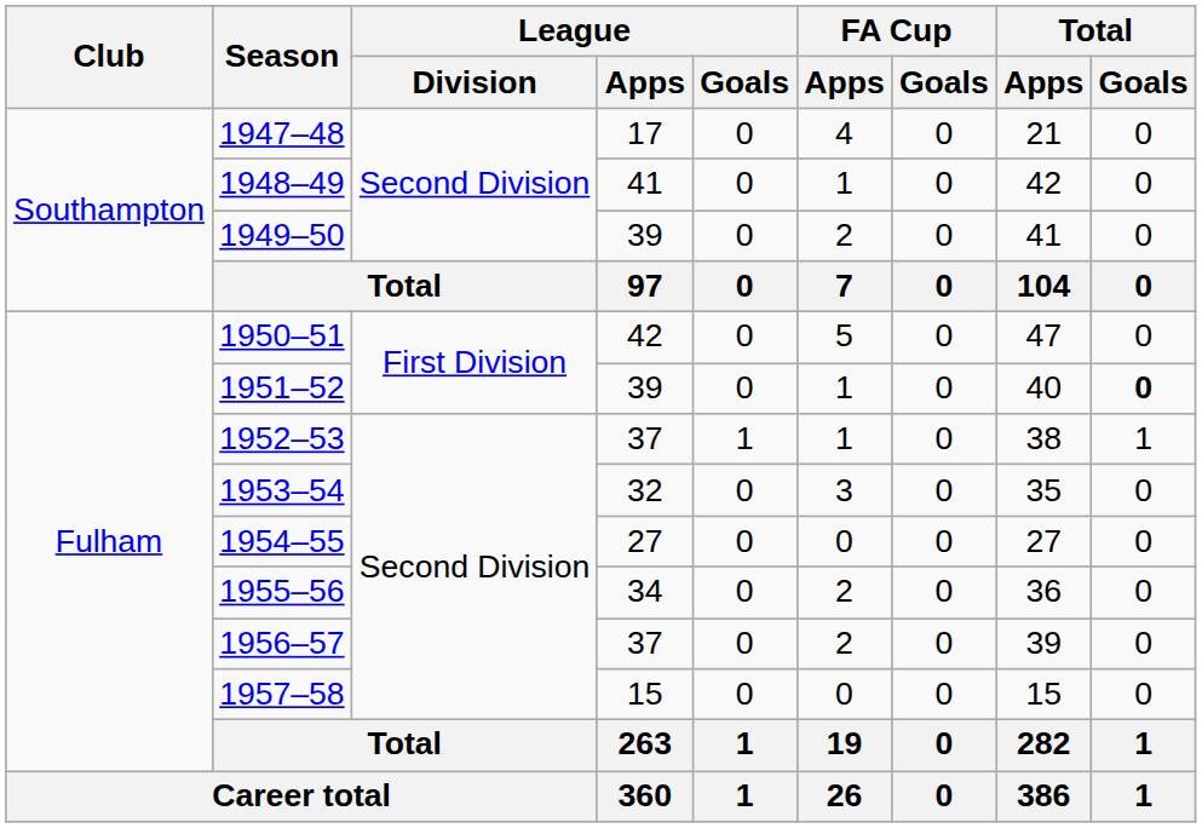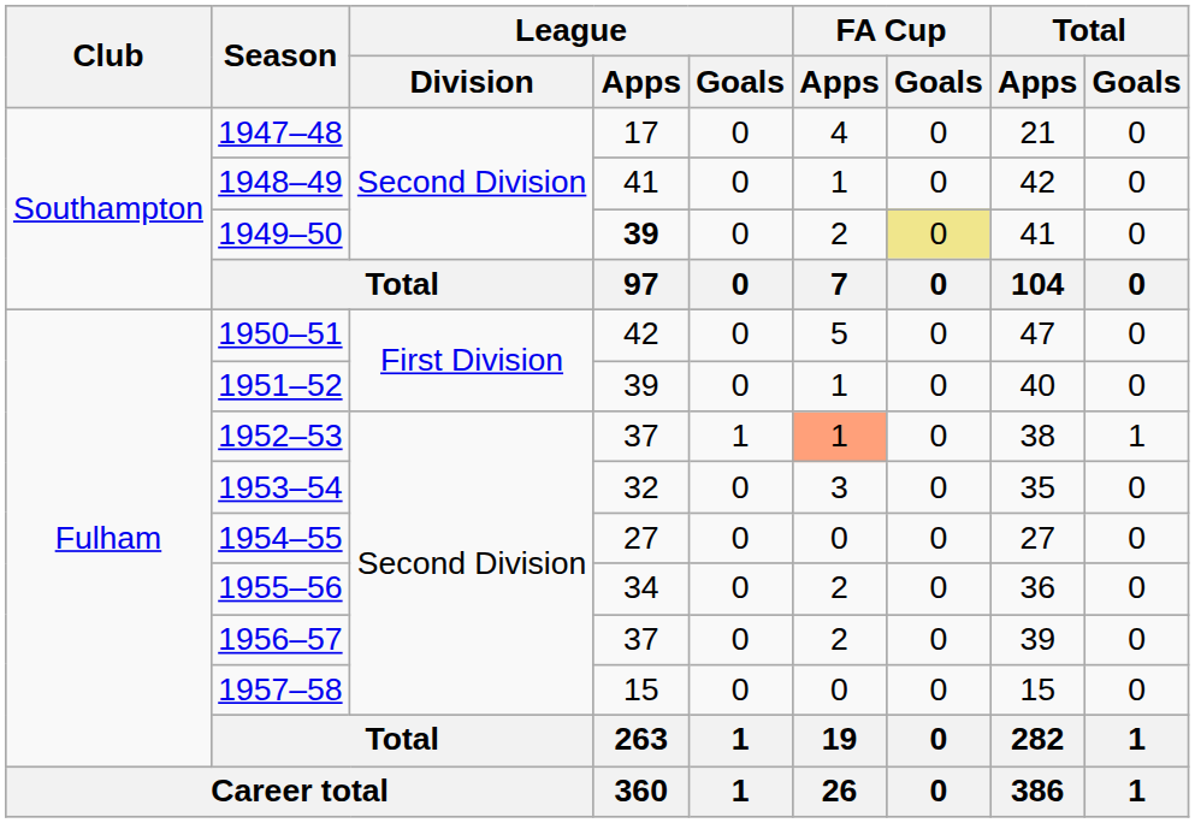 <table class="wikitable" style="text-align: center">
 <tr>
 <th rowspan="2">Club</th>
 <th rowspan="2">Season</th>
 <th colspan="3">League</th>
 <th colspan="2">FA Cup</th>
 <th colspan="2">Total</th>
 </tr>
 <tr>
 <th>Division</th>
 <th>Apps</th>
 <th>Goals</th>
 <th>Apps</th>
 <th>Goals</th>
 <th>Apps</th>
 <th>Goals</th>
 </tr>
 <tr>
 <td rowspan="4"><a href='#'>Southampton</a></td>
 <td><a href='#'>1947–48</a></td>
 <td rowspan="3"><a href='#'>Second Division</a></td>
 <td>17</td>
 <td>0</td>
 <td>4</td>
 <td>0</td>
 <td>21</td>
 <td>0</td>
 </tr>
 <tr>
 <td><a href='#'>1948–49</a></td>
 <td>41</td>
 <td>0</td>
 <td>1</td>
 <td>0</td>
 <td>42</td>
 <td>0</td>
 </tr>
 <tr>
 <td><a href='#'>1949–50</a></td>
-<td>39</td>
+<td><strong>39</strong></td>
 <td>0</td>
 <td>2</td>
-<td>0</td>
+<td style="background: khaki;">0</td>
 <td>41</td>
 <td>0</td>
 </tr>
 <tr>
 <th colspan="2">Total</th>
 <th>97</th>
 <th>0</th>
 <th>7</th>
 <th>0</th>
 <th>104</th>
 <th>0</th>
 </tr>
 <tr>
 <td rowspan="9"><a href='#'>Fulham</a></td>
 <td><a href='#'>1950–51</a></td>
 <td rowspan="2"><a href='#'>First Division</a></td>
 <td>42</td>
 <td>0</td>
 <td>5</td>
 <td>0</td>
 <td>47</td>
 <td>0</td>
 </tr>
 <tr>
 <td><a href='#'>1951–52</a></td>
 <td>39</td>
 <td>0</td>
 <td>1</td>
 <td>0</td>
 <td>40</td>
-<td><strong>0</strong></td>
+<td>0</td>
 </tr>
 <tr>
 <td><a href='#'>1952–53</a></td>
 <td rowspan="6">Second Division</td>
 <td>37</td>
 <td>1</td>
-<td>1</td>
+<td style="background: lightsalmon;">1</td>
 <td>0</td>
 <td>38</td>
 <td>1</td>
 </tr>
 <tr>
 <td><a href='#'>1953–54</a></td>
 <td>32</td>
 <td>0</td>
 <td>3</td>
 <td>0</td>
 <td>35</td>
 <td>0</td>
 </tr>
 <tr>
 <td><a href='#'>1954–55</a></td>
 <td>27</td>
 <td>0</td>
 <td>0</td>
 <td>0</td>
 <td>27</td>
 <td>0</td>
 </tr>
 <tr>
 <td><a href='#'>1955–56</a></td>
 <td>34</td>
 <td>0</td>
 <td>2</td>
 <td>0</td>
 <td>36</td>
 <td>0</td>
 </tr>
 <tr>
 <td><a href='#'>1956–57</a></td>
 <td>37</td>
 <td>0</td>
 <td>2</td>
 <td>0</td>
 <td>39</td>
 <td>0</td>
 </tr>
 <tr>
 <td><a href='#'>1957–58</a></td>
 <td>15</td>
 <td>0</td>
 <td>0</td>
 <td>0</td>
 <td>15</td>
 <td>0</td>
 </tr>
 <tr>
 <th colspan="2">Total</th>
 <th>263</th>
 <th>1</th>
 <th>19</th>
 <th>0</th>
 <th>282</th>
 <th>1</th>
 </tr>
 <tr>
 <th colspan="3">Career total</th>
 <th>360</th>
 <th>1</th>
 <th>26</th>
 <th>0</th>
 <th>386</th>
 <th>1</th>
 </tr>
 </table>
